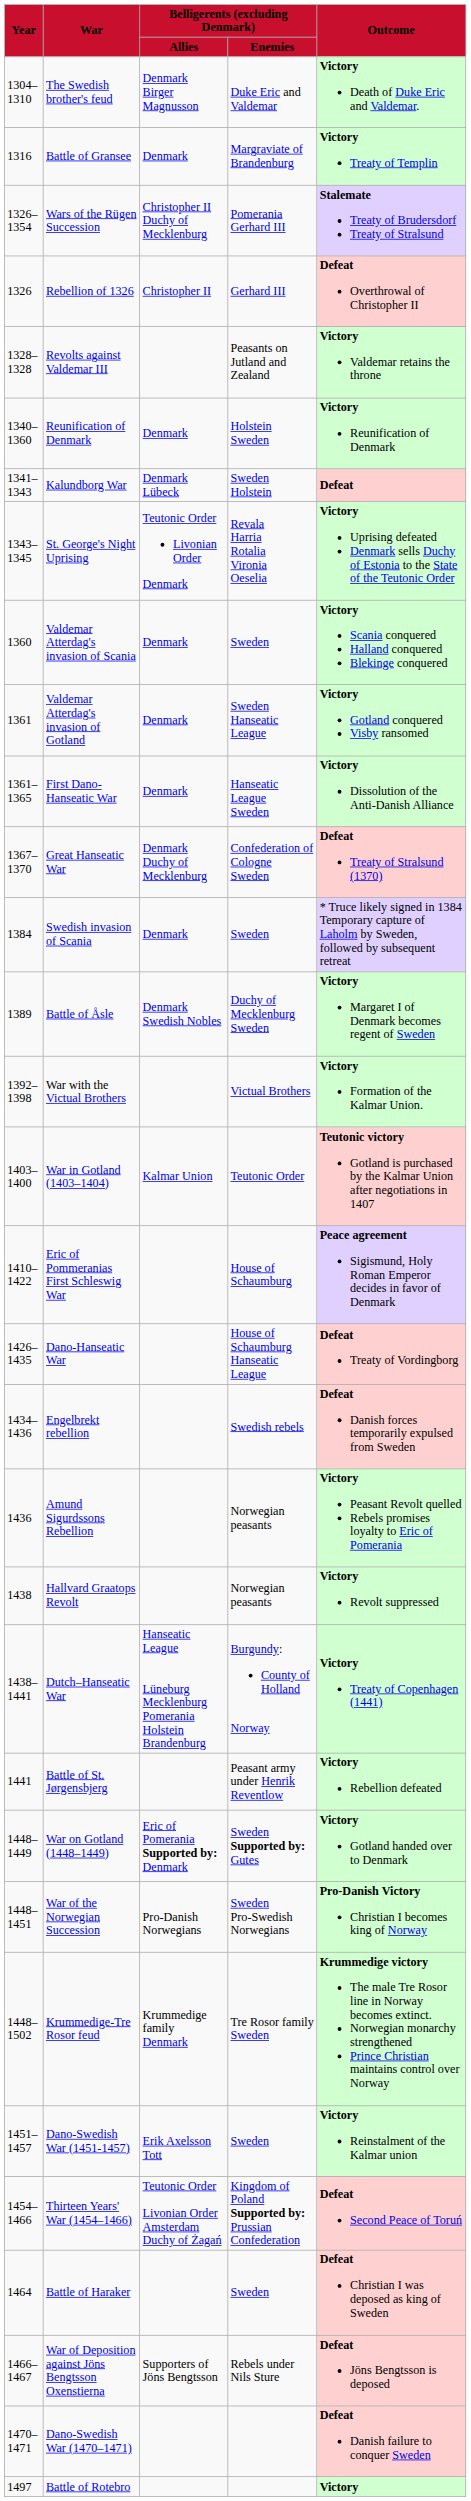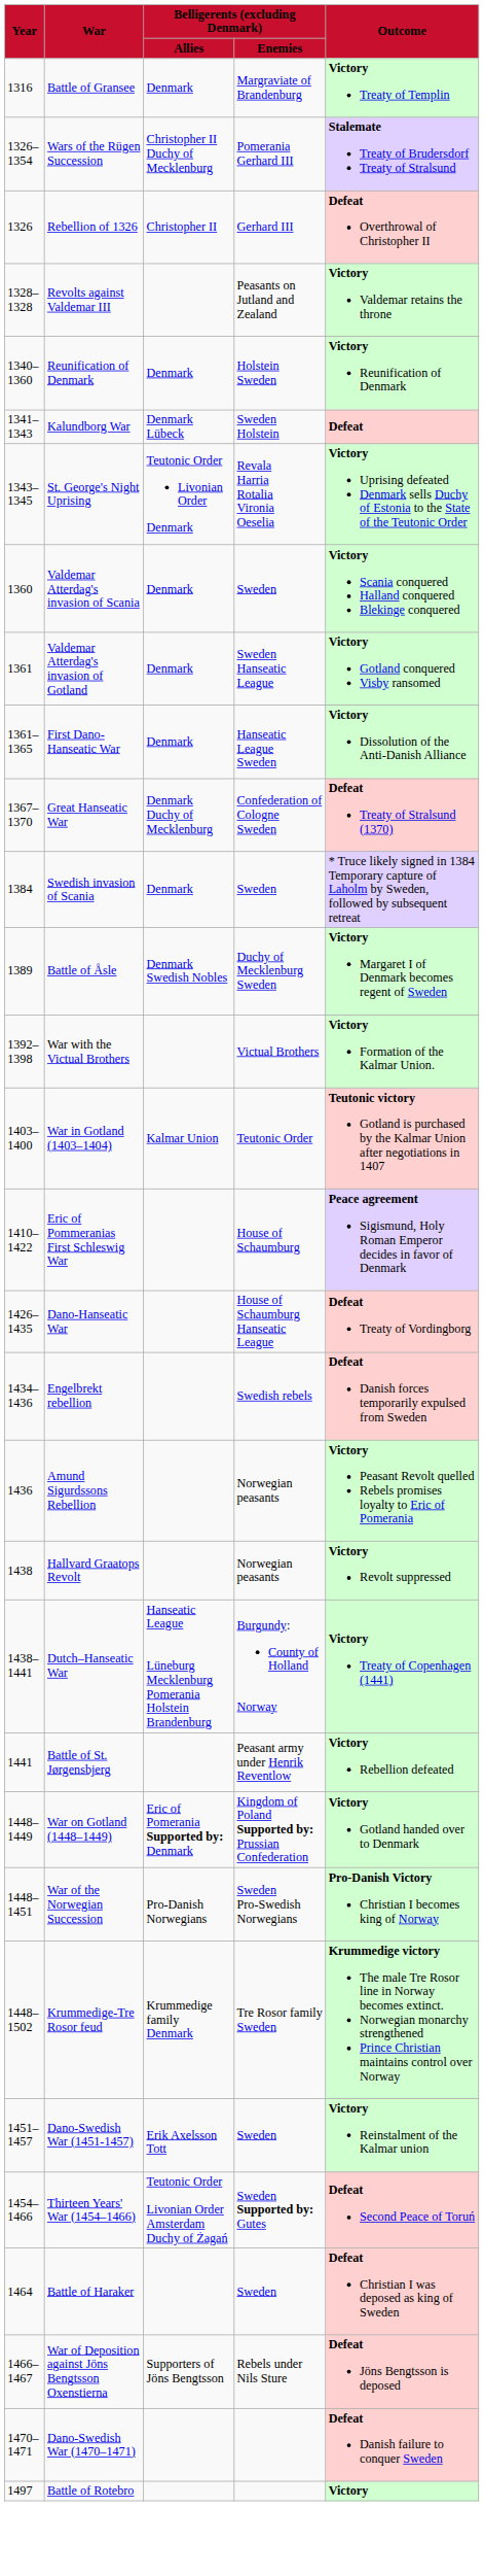 <table class="wikitable" style="font-size:100%">
 <tr>
 <th rowspan="2" style="background:#C8102E;"><span>Year</span></th>
 <th rowspan="2" style="background:#C8102E;"><span>War</span></th>
 <th colspan="2" style="background:#C8102E;"><span>Belligerents (excluding Denmark)</span></th>
 <th rowspan="2" style="background:#C8102E;"><span>Outcome</span></th>
 </tr>
 <tr>
 <th style="background:#C8102E;"><span>Allies</span></th>
 <th style="background:#C8102E;"><span>Enemies</span></th>
-</tr>
-<tr>
-<td>1304–1310</td>
-<td><a href='#'>The Swedish brother's feud</a></td>
-<td> <a href='#'>Denmark</a><br> <a href='#'>Birger Magnusson</a></td>
-<td><br><a href='#'>Duke Eric</a> and <a href='#'>Valdemar</a></td>
-<td style="background:#D0FFD0"><strong>Victory</strong><br><ul><li>Death of <a href='#'>Duke Eric</a> and <a href='#'>Valdemar</a>.</li></ul></td>
 </tr>
 <tr>
 <td>1316</td>
 <td><a href='#'>Battle of Gransee</a></td>
 <td><a href='#'>Denmark</a><br></td>
 <td><a href='#'>Margraviate of Brandenburg</a></td>
 <td style="background:#D0FFD0"><strong>Victory</strong><br><ul><li><a href='#'>Treaty of Templin</a></li></ul></td>
 </tr>
 <tr>
 <td>1326–1354</td>
 <td><a href='#'>Wars of the Rügen Succession</a></td>
 <td><a href='#'>Christopher II</a><br> <a href='#'>Duchy of Mecklenburg</a></td>
 <td><a href='#'>Pomerania</a><br><a href='#'>Gerhard III</a></td>
 <td style="background:#E0D0FF"><strong>Stalemate</strong><br><ul><li><a href='#'>Treaty of Brudersdorf</a></li><li><a href='#'>Treaty of Stralsund</a></li></ul></td>
 </tr>
 <tr>
 <td>1326</td>
 <td><a href='#'>Rebellion of 1326</a></td>
 <td><a href='#'>Christopher II</a></td>
 <td><a href='#'>Gerhard III</a></td>
 <td style="background:#FFD0D0"><strong>Defeat</strong><br><ul><li>Overthrowal of Christopher II</li></ul></td>
 </tr>
 <tr>
 <td>1328–1328</td>
 <td><a href='#'>Revolts against Valdemar III</a></td>
 <td></td>
 <td>Peasants on Jutland and Zealand</td>
 <td style="background: #D0FFD0"><strong>Victory</strong><br><ul><li>Valdemar retains the throne</li></ul></td>
 </tr>
 <tr>
 <td>1340–1360</td>
 <td><a href='#'>Reunification of Denmark</a></td>
 <td><a href='#'>Denmark</a></td>
 <td><a href='#'>Holstein</a><br>  <a href='#'>Sweden</a></td>
 <td style="background:#D0FFD0"><strong>Victory</strong><br><ul><li>Reunification of Denmark</li></ul></td>
 </tr>
 <tr>
 <td>1341–1343</td>
 <td><a href='#'>Kalundborg War</a></td>
 <td> <a href='#'>Denmark</a> <br>  <a href='#'>Lübeck</a></td>
 <td> <a href='#'>Sweden</a> <br> <a href='#'>Holstein</a></td>
 <td style="background:#FFD0D0"><strong> Defeat</strong></td>
 </tr>
 <tr>
 <td>1343–1345</td>
 <td><a href='#'>St. George's Night Uprising</a></td>
 <td><a href='#'>Teutonic Order</a><br><ul><li><a href='#'>Livonian Order</a></li></ul> <a href='#'>Denmark</a></td>
 <td><a href='#'>Revala</a><br><a href='#'>Harria</a><br><a href='#'>Rotalia</a><br><a href='#'>Vironia</a><br><a href='#'>Oeselia</a></td>
 <td style="background:#D0FFD0"><strong>Victory</strong><br><ul><li>Uprising defeated</li><li><a href='#'>Denmark</a> sells <a href='#'>Duchy of Estonia</a> to the <a href='#'>State of the Teutonic Order</a></li></ul></td>
 </tr>
 <tr>
 <td>1360</td>
 <td><a href='#'>Valdemar Atterdag's invasion of Scania</a></td>
 <td> <a href='#'>Denmark</a></td>
 <td> <a href='#'>Sweden</a></td>
 <td style="background:#D0FFD0"><strong>Victory</strong><br><ul><li><a href='#'>Scania</a> conquered</li><li><a href='#'>Halland</a> conquered</li><li><a href='#'>Blekinge</a> conquered</li></ul></td>
 </tr>
 <tr>
 <td>1361</td>
 <td><a href='#'>Valdemar Atterdag's invasion of Gotland</a></td>
 <td> <a href='#'>Denmark</a></td>
 <td> <a href='#'>Sweden</a><br> <a href='#'>Hanseatic League</a></td>
 <td style="background:#D0FFD0"><strong>Victory</strong><br><ul><li><a href='#'>Gotland</a> conquered</li><li><a href='#'>Visby</a> ransomed</li></ul></td>
 </tr>
 <tr>
 <td>1361–1365</td>
 <td><a href='#'>First Dano-Hanseatic War</a></td>
 <td> <a href='#'>Denmark</a></td>
 <td><br> <a href='#'>Hanseatic League</a><br> <a href='#'>Sweden</a></td>
 <td style="background:#D0FFD0"><strong>Victory</strong><br><ul><li>Dissolution of the Anti-Danish Alliance</li></ul></td>
 </tr>
 <tr>
 <td>1367–1370</td>
 <td><a href='#'>Great Hanseatic War</a></td>
 <td><a href='#'>Denmark</a><br> <a href='#'>Duchy of Mecklenburg</a></td>
 <td><a href='#'>Confederation of Cologne</a><br>  <a href='#'>Sweden</a></td>
 <td style="background:#FFD0D0"><strong>Defeat</strong><br><ul><li><a href='#'>Treaty of Stralsund (1370)</a></li></ul></td>
 </tr>
 <tr>
 <td>1384</td>
 <td><a href='#'>Swedish invasion of Scania</a></td>
 <td><a href='#'>Denmark</a></td>
 <td> <a href='#'>Sweden</a></td>
 <td style="background:#E0D0FF">* Truce likely signed in 1384 Temporary capture of <a href='#'>Laholm</a> by Sweden, followed by subsequent retreat</td>
 </tr>
 <tr>
 <td>1389</td>
 <td><a href='#'>Battle of Åsle</a></td>
 <td><a href='#'>Denmark</a><br> <a href='#'>Swedish Nobles</a></td>
 <td> <a href='#'>Duchy of Mecklenburg</a><br> <a href='#'>Sweden</a></td>
 <td style="background:#D0FFD0"><strong>Victory</strong><br><ul><li>Margaret I of Denmark becomes regent of <a href='#'>Sweden</a></li></ul></td>
 </tr>
 <tr>
 <td>1392–1398</td>
 <td>War with the <a href='#'>Victual Brothers</a></td>
 <td></td>
 <td><a href='#'>Victual Brothers</a></td>
 <td style="background:#D0FFD0"><strong>Victory</strong><br><ul><li>Formation of the Kalmar Union.</li></ul></td>
 </tr>
 <tr>
 <td>1403–1400</td>
 <td><a href='#'>War in Gotland (1403–1404)</a></td>
 <td> <a href='#'>Kalmar Union</a></td>
 <td> <a href='#'>Teutonic Order</a></td>
 <td style="background:#FFD0D0"><strong> Teutonic victory</strong><br><ul><li>Gotland is purchased by the Kalmar Union after negotiations in 1407</li></ul></td>
 </tr>
 <tr>
 <td>1410–1422</td>
 <td><a href='#'>Eric of Pommeranias First Schleswig War</a></td>
 <td></td>
 <td> <a href='#'>House of Schaumburg</a></td>
 <td style="background:#E0D0FF"><strong>Peace agreement</strong><br><ul><li>Sigismund, Holy Roman Emperor decides in favor of Denmark</li></ul></td>
 </tr>
 <tr>
 <td>1426–1435</td>
 <td><a href='#'>Dano-Hanseatic War</a></td>
 <td></td>
 <td> <a href='#'>House of Schaumburg</a><br> <a href='#'>Hanseatic League</a></td>
 <td style="background:#FFD0D0"><strong>Defeat</strong><br><ul><li>Treaty of Vordingborg</li></ul></td>
 </tr>
 <tr>
 <td>1434–1436</td>
 <td><a href='#'>Engelbrekt rebellion</a></td>
 <td></td>
 <td> <a href='#'>Swedish rebels</a></td>
 <td style="background:#FFD0D0"><strong>Defeat</strong><br><ul><li>Danish forces temporarily expulsed from Sweden</li></ul></td>
 </tr>
 <tr>
 <td>1436</td>
 <td><a href='#'>Amund Sigurdssons Rebellion</a></td>
 <td></td>
 <td>Norwegian peasants</td>
 <td style="background: #D0FFD0"><strong>Victory</strong><br><ul><li>Peasant Revolt quelled</li><li>Rebels promises loyalty to <a href='#'>Eric of Pomerania</a></li></ul></td>
 </tr>
 <tr>
 <td>1438</td>
 <td><a href='#'>Hallvard Graatops Revolt</a></td>
 <td></td>
 <td>Norwegian peasants</td>
 <td style="background:#D0FFD0"><strong>Victory</strong><br><ul><li>Revolt suppressed</li></ul></td>
 </tr>
 <tr>
 <td>1438–1441</td>
 <td><a href='#'>Dutch–Hanseatic War</a></td>
 <td> <a href='#'>Hanseatic League</a><br> <br><br> <a href='#'>Lüneburg</a><br>  <a href='#'>Mecklenburg</a><br>  <a href='#'>Pomerania</a><br>  <a href='#'>Holstein</a><br>  <a href='#'>Brandenburg</a></td>
 <td> <a href='#'>Burgundy</a>:<br><ul><li> <a href='#'>County of Holland</a></li></ul><br> <a href='#'>Norway</a></td>
 <td style="background:#D0FFD0"><strong>Victory</strong><br><ul><li><a href='#'>Treaty of Copenhagen (1441)</a></li></ul></td>
 </tr>
 <tr>
 <td>1441</td>
 <td><a href='#'>Battle of St. Jørgensbjerg</a></td>
 <td></td>
 <td> Peasant army under <a href='#'>Henrik Reventlow</a></td>
 <td style="background:#D0FFD0"><strong>Victory</strong><br><ul><li>Rebellion defeated</li></ul></td>
 </tr>
 <tr>
 <td>1448–1449</td>
 <td><a href='#'>War on Gotland (1448–1449)</a></td>
 <td> <a href='#'>Eric of Pomerania</a> <br> <strong>Supported by:</strong> <br>  <a href='#'>Denmark</a></td>
-<td> <a href='#'>Sweden</a> <br> <strong>Supported by:</strong> <br>  <a href='#'>Gutes</a></td>
+<td> <a href='#'>Kingdom of Poland</a><br><strong>Supported by:</strong>  <a href='#'>Prussian Confederation</a></td>
 <td style="background:#D0FFD0"><strong>Victory</strong><br><ul><li>Gotland handed over to Denmark</li></ul></td>
 </tr>
 <tr>
 <td>1448–1451</td>
 <td><a href='#'>War of the Norwegian Succession</a></td>
 <td><br>Pro-Danish Norwegians</td>
 <td> <a href='#'>Sweden</a><br>Pro-Swedish Norwegians</td>
 <td style="background:#D0FFD0"><strong>Pro-Danish Victory</strong><br><ul><li>Christian I becomes king of <a href='#'>Norway</a></li></ul></td>
 </tr>
 <tr>
 <td>1448–1502</td>
 <td><a href='#'>Krummedige-Tre Rosor feud</a> <br></td>
 <td>Krummedige family<br>  <a href='#'>Denmark</a></td>
 <td>Tre Rosor family<br>  <a href='#'>Sweden</a></td>
 <td style="background:#D0FFD0"><strong>Krummedige victory</strong><br><ul><li>The male Tre Rosor line in Norway becomes extinct.</li><li>Norwegian monarchy strengthened</li><li><a href='#'>Prince Christian</a> maintains control over Norway</li></ul></td>
 </tr>
 <tr>
 <td>1451–1457</td>
 <td><a href='#'>Dano-Swedish War (1451-1457)</a></td>
 <td><br><a href='#'>Erik Axelsson Tott</a></td>
 <td> <a href='#'>Sweden</a></td>
 <td style="background:#D0FFD0"><strong>Victory</strong><br><ul><li>Reinstalment of the Kalmar union</li></ul></td>
 </tr>
 <tr>
 <td>1454–1466</td>
 <td><a href='#'>Thirteen Years' War (1454–1466)</a></td>
 <td> <a href='#'>Teutonic Order</a><br><br>  <a href='#'>Livonian Order</a><br>  <a href='#'>Amsterdam</a><br>  <a href='#'>Duchy of Żagań</a></td>
-<td> <a href='#'>Kingdom of Poland</a><br><strong>Supported by:</strong>  <a href='#'>Prussian Confederation</a></td>
+<td> <a href='#'>Sweden</a> <br> <strong>Supported by:</strong> <br>  <a href='#'>Gutes</a></td>
 <td style="background:#FFD0D0"><strong>Defeat</strong><br><ul><li><a href='#'>Second Peace of Toruń</a></li></ul></td>
 </tr>
 <tr>
 <td>1464</td>
 <td><a href='#'>Battle of Haraker</a></td>
 <td></td>
 <td> <a href='#'>Sweden</a></td>
 <td style="background:#FFD0D0"><strong>Defeat</strong><br><ul><li>Christian I was deposed as king of Sweden</li></ul></td>
 </tr>
 <tr>
 <td>1466–1467</td>
 <td><a href='#'>War of Deposition against Jöns Bengtsson Oxenstierna</a></td>
 <td>Supporters of Jöns Bengtsson <br> </td>
 <td>Rebels under Nils Sture</td>
 <td style="background:#FFD0D0"><strong>Defeat</strong><br><ul><li>Jöns Bengtsson is deposed</li></ul></td>
 </tr>
 <tr>
 <td>1470–1471</td>
 <td><a href='#'>Dano-Swedish War (1470–1471)</a></td>
 <td></td>
 <td></td>
 <td style="background:#FFD0D0"><strong>Defeat</strong><br><ul><li>Danish failure to conquer <a href='#'>Sweden</a></li></ul></td>
 </tr>
 <tr>
 <td>1497</td>
 <td><a href='#'>Battle of Rotebro</a></td>
 <td></td>
 <td></td>
 <td style="background:#D0FFD0"><strong>Victory</strong></td>
 </tr>
 </table>
